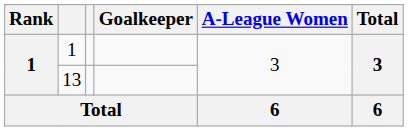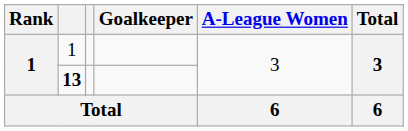 <table class="wikitable" style="text-align:center">
 <tr>
 <th>Rank</th>
 <th></th>
 <th></th>
 <th>Goalkeeper</th>
 <th><a href='#'>A-League Women</a></th>
 <th>Total</th>
 </tr>
 <tr>
 <th rowspan=2>1</th>
 <td>1</td>
 <td></td>
 <td align="left"></td>
 <td rowspan=2>3</td>
 <th rowspan=2>3</th>
 </tr>
 <tr>
-<td>13</td>
+<td><strong>13</strong></td>
 <td></td>
 <td align="left"></td>
 </tr>
 <tr>
 <th colspan="4">Total</th>
 <th>6</th>
 <th>6</th>
 </tr>
 </table>
